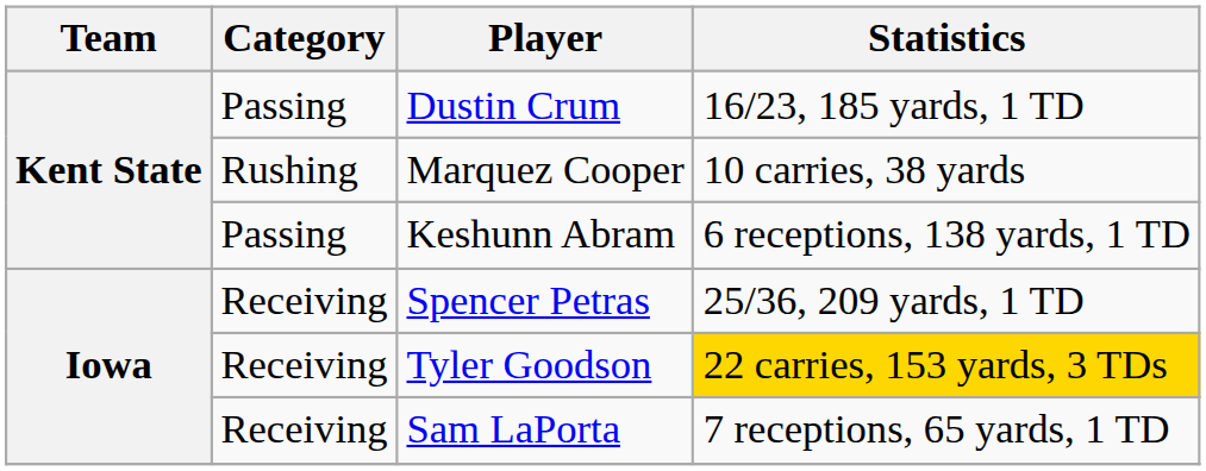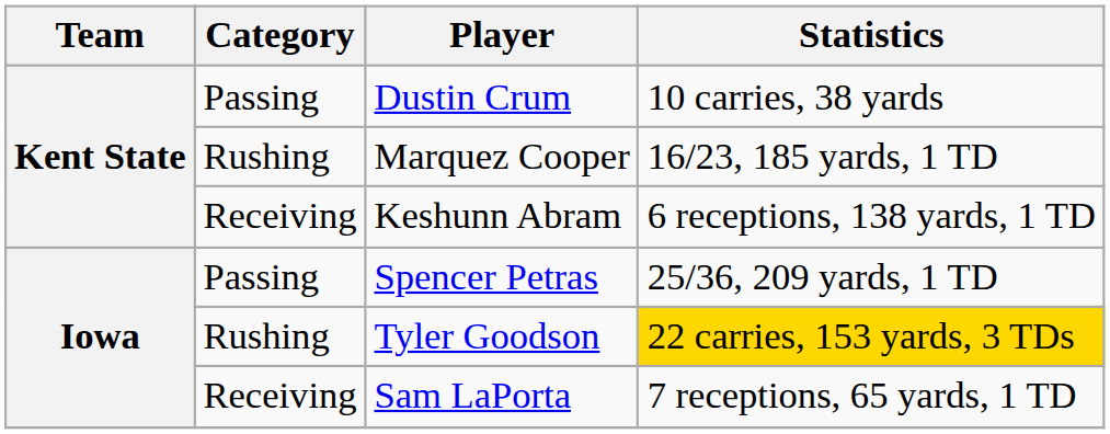 <table class="wikitable" style="float: left;">
 <tr>
 <th>Team</th>
 <th>Category</th>
 <th>Player</th>
 <th>Statistics</th>
 </tr>
 <tr>
 <th rowspan=3>Kent State</th>
 <td>Passing</td>
 <td><a href='#'>Dustin Crum</a></td>
-<td>16/23, 185 yards, 1 TD</td>
+<td>10 carries, 38 yards</td>
 </tr>
 <tr>
 <td>Rushing</td>
 <td>Marquez Cooper</td>
-<td>10 carries, 38 yards</td>
+<td>16/23, 185 yards, 1 TD</td>
 </tr>
 <tr>
-<td>Passing</td>
+<td>Receiving</td>
 <td>Keshunn Abram</td>
 <td>6 receptions, 138 yards, 1 TD</td>
 </tr>
 <tr>
 <th rowspan=3 style=>Iowa</th>
-<td>Receiving</td>
+<td>Passing</td>
 <td><a href='#'>Spencer Petras</a></td>
 <td>25/36, 209 yards, 1 TD</td>
 </tr>
 <tr>
-<td>Receiving</td>
+<td>Rushing</td>
 <td><a href='#'>Tyler Goodson</a></td>
 <td style="background: gold;">22 carries, 153 yards, 3 TDs</td>
 </tr>
 <tr>
 <td>Receiving</td>
 <td><a href='#'>Sam LaPorta</a></td>
 <td>7 receptions, 65 yards, 1 TD</td>
 </tr>
 <tr>
 </tr>
 </table>
